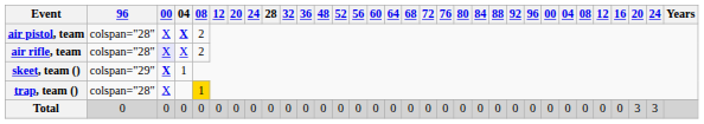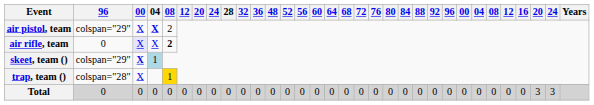 <table class="wikitable plainrowheaders sticky-header" style="text-align:center;">
 <tr>
 <th scope="col">Event</th>
 <th scope="col"><a href='#'>96</a></th>
 <th scope="col"><a href='#'>00</a></th>
 <th scope="col">04</th>
 <th scope="col"><a href='#'>08</a></th>
 <th scope="col"><a href='#'>12</a></th>
 <th scope="col"><a href='#'>20</a></th>
 <th scope="col"><a href='#'>24</a></th>
 <th scope="col">28</th>
 <th scope="col"><a href='#'>32</a></th>
 <th scope="col"><a href='#'>36</a></th>
 <th scope="col"><a href='#'>48</a></th>
 <th scope="col"><a href='#'>52</a></th>
 <th scope="col"><a href='#'>56</a></th>
 <th scope="col"><a href='#'>60</a></th>
 <th scope="col"><a href='#'>64</a></th>
 <th scope="col"><a href='#'>68</a></th>
 <th scope="col"><a href='#'>72</a></th>
 <th scope="col"><a href='#'>76</a></th>
 <th scope="col"><a href='#'>80</a></th>
 <th scope="col"><a href='#'>84</a></th>
 <th scope="col"><a href='#'>88</a></th>
 <th scope="col"><a href='#'>92</a></th>
 <th scope="col"><a href='#'>96</a></th>
 <th scope="col"><a href='#'>00</a></th>
 <th scope="col"><a href='#'>04</a></th>
 <th scope="col"><a href='#'>08</a></th>
 <th scope="col"><a href='#'>12</a></th>
 <th scope="col"><a href='#'>16</a></th>
 <th scope="col"><a href='#'>20</a></th>
 <th scope="col"><a href='#'>24</a></th>
 <th scope="col">Years</th>
 </tr>
 <tr>
 <th scope="row"><a href='#'>air pistol</a>, team</th>
-<td>colspan="28"</td>
+<td>colspan="29"</td>
 <td><a href='#'>X</a></td>
 <td><strong><a href='#'>X</a></strong></td>
 <td>2</td>
 </tr>
 <tr>
 <th scope="row"><a href='#'>air rifle</a>, team</th>
-<td>colspan="28"</td>
+<td>0</td>
 <td style="background: lavender;"><a href='#'>X</a></td>
 <td><a href='#'>X</a></td>
-<td>2</td>
+<td><strong>2</strong></td>
 </tr>
 <tr>
 <th scope="row"><a href='#'>skeet</a>, team ()</th>
 <td>colspan="29"</td>
 <td><strong><a href='#'>X</a></strong></td>
-<td>1</td>
+<td style="background: lightblue;">1</td>
 </tr>
 <tr>
 <th scope="row"><a href='#'>trap</a>, team ()</th>
 <td>colspan="28"</td>
 <td><a href='#'>X</a></td>
 <td></td>
 <td style="background: gold;">1</td>
 </tr>
 <tr bgcolor=lightgray>
 <th scope="row"><strong>Total</strong></th>
 <td>0</td>
 <td>0</td>
 <td>0</td>
 <td>0</td>
 <td>0</td>
 <td>0</td>
 <td>0</td>
 <td>0</td>
 <td>0</td>
 <td>0</td>
 <td>0</td>
 <td>0</td>
 <td>0</td>
 <td>0</td>
 <td>0</td>
 <td>0</td>
 <td>0</td>
 <td>0</td>
 <td>0</td>
 <td>0</td>
 <td>0</td>
 <td>0</td>
 <td>0</td>
 <td>0</td>
 <td>0</td>
 <td>0</td>
 <td>0</td>
 <td>0</td>
 <td>3</td>
 <td>3</td>
 <td></td>
 </tr>
 </table>
